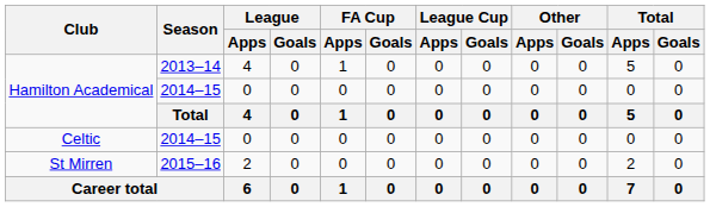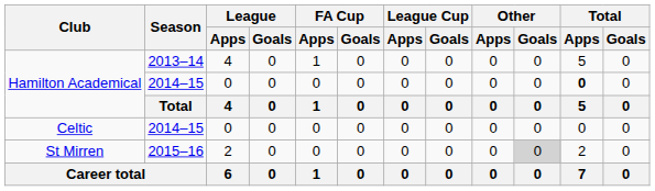 <table class="wikitable" style="text-align: center;">
 <tr>
 <th rowspan="2">Club</th>
 <th rowspan="2">Season</th>
 <th colspan="2">League</th>
 <th colspan="2">FA Cup</th>
 <th colspan="2">League Cup</th>
 <th colspan="2">Other</th>
 <th colspan="2">Total</th>
 </tr>
 <tr>
 <th>Apps</th>
 <th>Goals</th>
 <th>Apps</th>
 <th>Goals</th>
 <th>Apps</th>
 <th>Goals</th>
 <th>Apps</th>
 <th>Goals</th>
 <th>Apps</th>
 <th>Goals</th>
 </tr>
 <tr>
 <td rowspan="3" valign="center"><a href='#'>Hamilton Academical</a></td>
 <td><a href='#'>2013–14</a></td>
 <td>4</td>
 <td>0</td>
 <td>1</td>
 <td>0</td>
 <td>0</td>
 <td>0</td>
 <td>0</td>
 <td>0</td>
 <td>5</td>
 <td>0</td>
 </tr>
 <tr>
 <td><a href='#'>2014–15</a></td>
 <td>0</td>
 <td>0</td>
 <td>0</td>
 <td>0</td>
 <td>0</td>
 <td>0</td>
 <td>0</td>
 <td>0</td>
-<td>0</td>
+<td><strong>0</strong></td>
 <td>0</td>
 </tr>
 <tr>
 <th>Total</th>
 <th>4</th>
 <th>0</th>
 <th>1</th>
 <th>0</th>
 <th>0</th>
 <th>0</th>
 <th>0</th>
 <th>0</th>
 <th>5</th>
 <th>0</th>
 </tr>
 <tr>
 <td><a href='#'>Celtic</a></td>
 <td><a href='#'>2014–15</a></td>
 <td>0</td>
 <td>0</td>
 <td>0</td>
 <td>0</td>
 <td>0</td>
 <td>0</td>
 <td>0</td>
 <td>0</td>
 <td>0</td>
 <td>0</td>
 </tr>
 <tr>
 <td><a href='#'>St Mirren</a></td>
 <td><a href='#'>2015–16</a></td>
 <td>2</td>
 <td>0</td>
 <td>0</td>
 <td>0</td>
 <td>0</td>
 <td>0</td>
 <td>0</td>
-<td>0</td>
+<td style="background: lightgrey;">0</td>
 <td>2</td>
 <td>0</td>
 </tr>
 <tr>
 <th colspan="2">Career total</th>
 <th>6</th>
 <th>0</th>
 <th>1</th>
 <th>0</th>
 <th>0</th>
 <th>0</th>
 <th>0</th>
 <th>0</th>
 <th>7</th>
 <th>0</th>
 </tr>
 </table>
